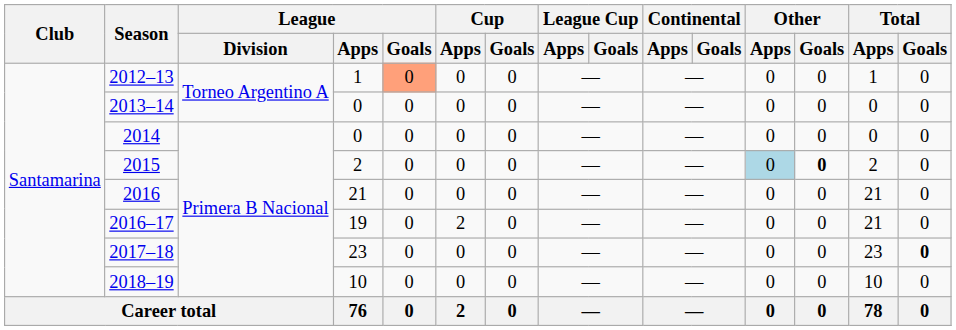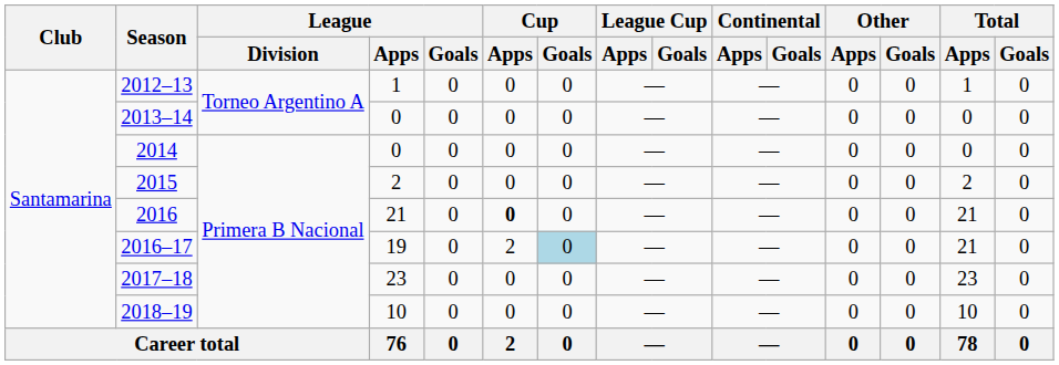 <table class="wikitable" style="text-align:center">
 <tr>
 <th rowspan="2">Club</th>
 <th rowspan="2">Season</th>
 <th colspan="3">League</th>
 <th colspan="2">Cup</th>
 <th colspan="2">League Cup</th>
 <th colspan="2">Continental</th>
 <th colspan="2">Other</th>
 <th colspan="2">Total</th>
 </tr>
 <tr>
 <th>Division</th>
 <th>Apps</th>
 <th>Goals</th>
 <th>Apps</th>
 <th>Goals</th>
 <th>Apps</th>
 <th>Goals</th>
 <th>Apps</th>
 <th>Goals</th>
 <th>Apps</th>
 <th>Goals</th>
 <th>Apps</th>
 <th>Goals</th>
 </tr>
 <tr>
 <td rowspan="8"><a href='#'>Santamarina</a></td>
 <td><a href='#'>2012–13</a></td>
 <td rowspan="2"><a href='#'>Torneo Argentino A</a></td>
 <td>1</td>
-<td style="background: lightsalmon;">0</td>
+<td>0</td>
 <td>0</td>
 <td>0</td>
 <td colspan="2">—</td>
 <td colspan="2">—</td>
 <td>0</td>
 <td>0</td>
 <td>1</td>
 <td>0</td>
 </tr>
 <tr>
 <td><a href='#'>2013–14</a></td>
 <td>0</td>
 <td>0</td>
 <td>0</td>
 <td>0</td>
 <td colspan="2">—</td>
 <td colspan="2">—</td>
 <td>0</td>
 <td>0</td>
 <td>0</td>
 <td>0</td>
 </tr>
 <tr>
 <td><a href='#'>2014</a></td>
 <td rowspan="6"><a href='#'>Primera B Nacional</a></td>
 <td>0</td>
 <td>0</td>
 <td>0</td>
 <td>0</td>
 <td colspan="2">—</td>
 <td colspan="2">—</td>
 <td>0</td>
 <td>0</td>
 <td>0</td>
 <td>0</td>
 </tr>
 <tr>
 <td><a href='#'>2015</a></td>
 <td>2</td>
 <td>0</td>
 <td>0</td>
 <td>0</td>
 <td colspan="2">—</td>
 <td colspan="2">—</td>
-<td style="background: lightblue;">0</td>
-<td><strong>0</strong></td>
+<td>0</td>
+<td>0</td>
 <td>2</td>
 <td>0</td>
 </tr>
 <tr>
 <td><a href='#'>2016</a></td>
 <td>21</td>
 <td>0</td>
-<td>0</td>
+<td><strong>0</strong></td>
 <td>0</td>
 <td colspan="2">—</td>
 <td colspan="2">—</td>
 <td>0</td>
 <td>0</td>
 <td>21</td>
 <td>0</td>
 </tr>
 <tr>
 <td><a href='#'>2016–17</a></td>
 <td>19</td>
 <td>0</td>
 <td>2</td>
-<td>0</td>
+<td style="background: lightblue;">0</td>
 <td colspan="2">—</td>
 <td colspan="2">—</td>
 <td>0</td>
 <td>0</td>
 <td>21</td>
 <td>0</td>
 </tr>
 <tr>
 <td><a href='#'>2017–18</a></td>
 <td>23</td>
 <td>0</td>
 <td>0</td>
 <td>0</td>
 <td colspan="2">—</td>
 <td colspan="2">—</td>
 <td>0</td>
 <td>0</td>
 <td>23</td>
-<td><strong>0</strong></td>
+<td>0</td>
 </tr>
 <tr>
 <td><a href='#'>2018–19</a></td>
 <td>10</td>
 <td>0</td>
 <td>0</td>
 <td>0</td>
 <td colspan="2">—</td>
 <td colspan="2">—</td>
 <td>0</td>
 <td>0</td>
 <td>10</td>
 <td>0</td>
 </tr>
 <tr>
 <th colspan="3">Career total</th>
 <th>76</th>
 <th>0</th>
 <th>2</th>
 <th>0</th>
 <th colspan="2">—</th>
 <th colspan="2">—</th>
 <th>0</th>
 <th>0</th>
 <th>78</th>
 <th>0</th>
 </tr>
 </table>
